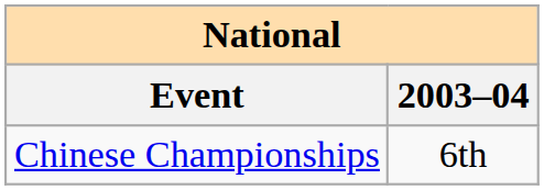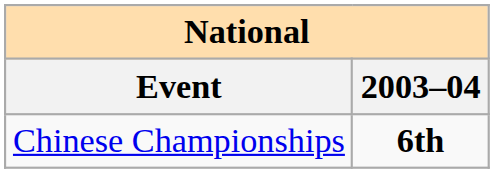 <table class="wikitable" style="text-align:center">
 <tr>
 <th colspan="2" style="background-color: #ffdead;">National</th>
 </tr>
 <tr>
 <th>Event</th>
 <th>2003–04</th>
 </tr>
 <tr>
 <td align=left><a href='#'>Chinese Championships</a></td>
-<td>6th</td>
+<td><strong>6th</strong></td>
 </tr>
 </table>
